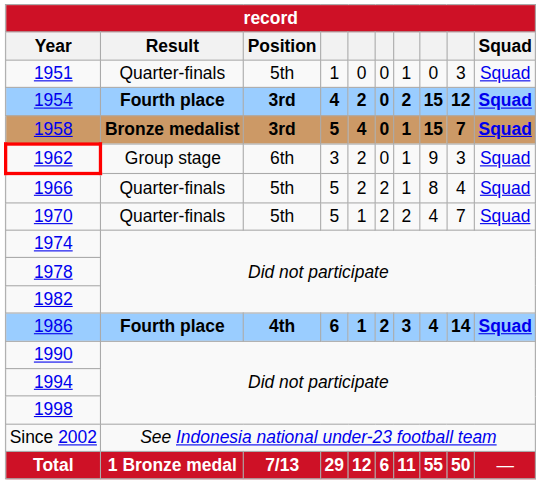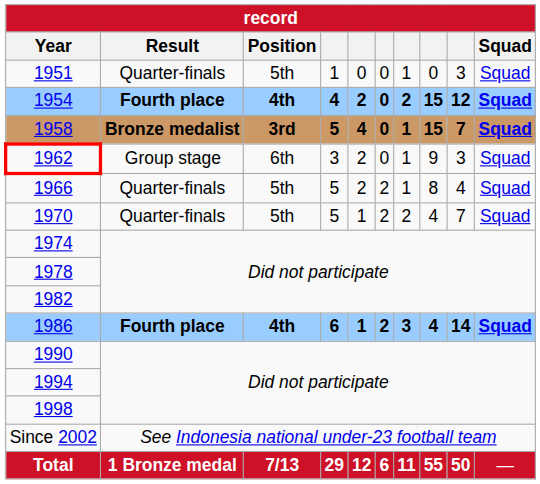 <table class="wikitable" style="text-align: center;">
 <tr>
 <th colspan=10 style="background: #CE1126; color: #FFFFFF;"><a href='#'></a> record</th>
 </tr>
 <tr>
 <th>Year</th>
 <th>Result</th>
 <th>Position</th>
 <th></th>
 <th></th>
 <th></th>
 <th></th>
 <th></th>
 <th></th>
 <th>Squad</th>
 </tr>
 <tr>
 <td> <a href='#'>1951</a></td>
 <td>Quarter-finals</td>
 <td>5th</td>
 <td>1</td>
 <td>0</td>
 <td>0</td>
 <td>1</td>
 <td>0</td>
 <td>3</td>
 <td><a href='#'>Squad</a></td>
 </tr>
 <tr style="background-color: #9acdff;">
 <td> <a href='#'>1954</a></td>
 <td><strong>Fourth place</strong></td>
-<td><strong>3rd</strong></td>
+<td><strong>4th</strong></td>
 <td><strong>4</strong></td>
 <td><strong>2</strong></td>
 <td><strong>0</strong></td>
 <td><strong>2</strong></td>
 <td><strong>15</strong></td>
 <td><strong>12</strong></td>
 <td><strong><a href='#'>Squad</a></strong></td>
 </tr>
 <tr style="background-color: #c96;">
 <td> <a href='#'>1958</a></td>
 <td><strong>Bronze medalist</strong></td>
 <td><strong>3rd</strong></td>
 <td><strong>5</strong></td>
 <td><strong>4</strong></td>
 <td><strong>0</strong></td>
 <td><strong>1</strong></td>
 <td><strong>15</strong></td>
 <td><strong>7</strong></td>
 <td><strong><a href='#'>Squad</a></strong></td>
 </tr>
 <tr>
 <td style="border: 3px solid red"> <a href='#'>1962</a></td>
 <td>Group stage</td>
 <td>6th</td>
 <td>3</td>
 <td>2</td>
 <td>0</td>
 <td>1</td>
 <td>9</td>
 <td>3</td>
 <td><a href='#'>Squad</a></td>
 </tr>
 <tr>
 <td> <a href='#'>1966</a></td>
 <td>Quarter-finals</td>
 <td>5th</td>
 <td>5</td>
 <td>2</td>
 <td>2</td>
 <td>1</td>
 <td>8</td>
 <td>4</td>
 <td><a href='#'>Squad</a></td>
 </tr>
 <tr>
 <td> <a href='#'>1970</a></td>
 <td>Quarter-finals</td>
 <td>5th</td>
 <td>5</td>
 <td>1</td>
 <td>2</td>
 <td>2</td>
 <td>4</td>
 <td>7</td>
 <td><a href='#'>Squad</a></td>
 </tr>
 <tr>
 <td> <a href='#'>1974</a></td>
 <td colspan=9 rowspan=3><em>Did not participate</em></td>
 </tr>
 <tr>
 <td> <a href='#'>1978</a></td>
 </tr>
 <tr>
 <td> <a href='#'>1982</a></td>
 </tr>
 <tr style="background:#9acdff;">
 <td> <a href='#'>1986</a></td>
 <td><strong>Fourth place</strong></td>
 <td><strong>4th</strong></td>
 <td><strong>6</strong></td>
 <td><strong>1</strong></td>
 <td><strong>2</strong></td>
 <td><strong>3</strong></td>
 <td><strong>4</strong></td>
 <td><strong>14</strong></td>
 <td><strong><a href='#'>Squad</a></strong></td>
 </tr>
 <tr>
 <td> <a href='#'>1990</a></td>
 <td colspan=9 rowspan=3><em>Did not participate</em></td>
 </tr>
 <tr>
 <td> <a href='#'>1994</a></td>
 </tr>
 <tr>
 <td> <a href='#'>1998</a></td>
 </tr>
 <tr>
 <td>Since <a href='#'>2002</a></td>
 <td colspan=9><em>See <a href='#'>Indonesia national under-23 football team</a></em></td>
 </tr>
 <tr style="background: #CE1126; color: #FFFFFF;|">
 <td><strong>Total</strong></td>
 <td><strong>1 Bronze medal</strong></td>
 <td><strong>7/13</strong></td>
 <td><strong>29</strong></td>
 <td><strong>12</strong></td>
 <td><strong>6</strong></td>
 <td><strong>11</strong></td>
 <td><strong>55</strong></td>
 <td><strong>50</strong></td>
 <td>—</td>
 </tr>
 </table>
